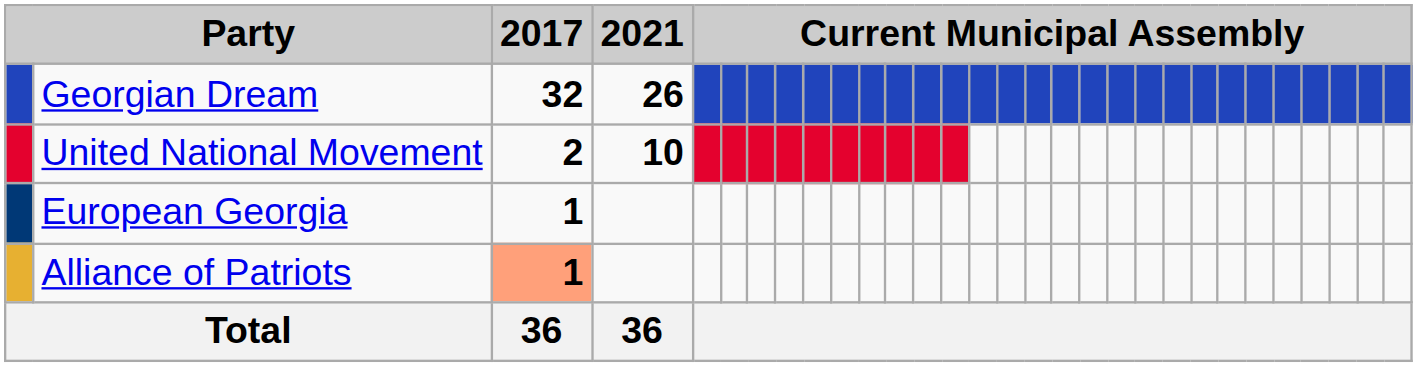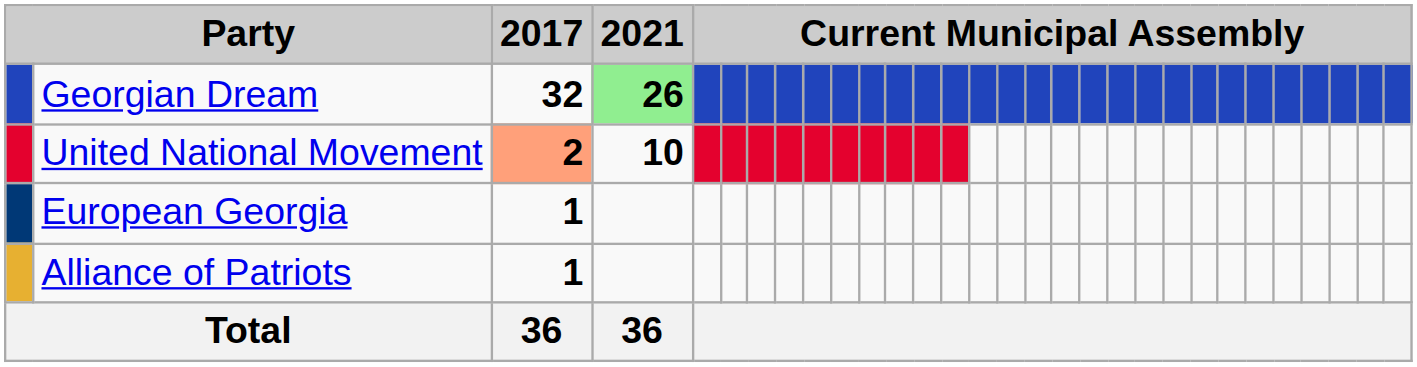 <table class="wikitable">
 <tr>
 <th style="background:#ccc" colspan="2">Party</th>
 <th style="background:#ccc">2017</th>
 <th style="background:#ccc">2021</th>
 <th style="background:#ccc" colspan="45">Current Municipal Assembly</th>
 </tr>
 <tr>
 <td style="background-color: #2044bc"> </td>
 <td><a href='#'>Georgian Dream</a></td>
 <td style="text-align: right"><strong>32</strong></td>
-<td style="text-align: right"><strong>26</strong></td>
+<td style="background: lightgreen; text-align: right"><strong>26</strong></td>
 <td style="background-color: #2044bc"> </td>
 <td style="background-color: #2044bc"> </td>
 <td style="background-color: #2044bc"> </td>
 <td style="background-color: #2044bc"> </td>
 <td style="background-color: #2044bc"> </td>
 <td style="background-color: #2044bc"> </td>
 <td style="background-color: #2044bc"> </td>
 <td style="background-color: #2044bc"> </td>
 <td style="background-color: #2044bc"> </td>
 <td style="background-color: #2044bc"> </td>
 <td style="background-color: #2044bc"> </td>
 <td style="background-color: #2044bc"> </td>
 <td style="background-color: #2044bc"> </td>
 <td style="background-color: #2044bc"> </td>
 <td style="background-color: #2044bc"> </td>
 <td style="background-color: #2044bc"> </td>
 <td style="background-color: #2044bc"> </td>
 <td style="background-color: #2044bc"> </td>
 <td style="background-color: #2044bc"> </td>
 <td style="background-color: #2044bc"> </td>
 <td style="background-color: #2044bc"> </td>
 <td style="background-color: #2044bc"> </td>
 <td style="background-color: #2044bc"> </td>
 <td style="background-color: #2044bc"> </td>
 <td style="background-color: #2044bc"> </td>
 <td style="background-color: #2044bc"> </td>
 </tr>
 <tr>
 <td style="background-color: #e4012e"> </td>
 <td><a href='#'>United National Movement</a></td>
-<td style="text-align: right"><strong>2</strong></td>
+<td style="background: lightsalmon; text-align: right"><strong>2</strong></td>
 <td style="text-align: right"><strong>10</strong></td>
 <td style="background-color: #e4012e"></td>
 <td style="background-color: #e4012e"> </td>
 <td style="background-color: #e4012e"> </td>
 <td style="background-color: #e4012e"> </td>
 <td style="background-color: #e4012e"> </td>
 <td style="background-color: #e4012e"> </td>
 <td style="background-color: #e4012e"> </td>
 <td style="background-color: #e4012e"> </td>
 <td style="background-color: #e4012e"> </td>
 <td style="background-color: #e4012e"> </td>
 <td></td>
 <td></td>
 <td></td>
 <td></td>
 <td></td>
 <td></td>
 <td></td>
 <td></td>
 <td></td>
 <td></td>
 <td></td>
 <td></td>
 <td></td>
 <td></td>
 <td></td>
 <td></td>
 </tr>
 <tr>
 <td style="background-color: #003876"> </td>
 <td><a href='#'>European Georgia</a></td>
 <td style="text-align: right"><strong>1</strong></td>
 <td></td>
 <td></td>
 <td></td>
 <td></td>
 <td></td>
 <td></td>
 <td></td>
 <td></td>
 <td></td>
 <td></td>
 <td></td>
 <td></td>
 <td></td>
 <td></td>
 <td></td>
 <td></td>
 <td></td>
 <td></td>
 <td></td>
 <td></td>
 <td></td>
 <td></td>
 <td></td>
 <td></td>
 <td></td>
 <td></td>
 <td></td>
 </tr>
 <tr>
 <td style="background-color: #e7b031"> </td>
 <td><a href='#'>Alliance of Patriots</a></td>
-<td style="background: lightsalmon; text-align: right"><strong>1</strong></td>
+<td style="text-align: right"><strong>1</strong></td>
 <td></td>
 <td></td>
 <td></td>
 <td></td>
 <td></td>
 <td></td>
 <td></td>
 <td></td>
 <td></td>
 <td></td>
 <td></td>
 <td></td>
 <td></td>
 <td></td>
 <td></td>
 <td></td>
 <td></td>
 <td></td>
 <td></td>
 <td></td>
 <td></td>
 <td></td>
 <td></td>
 <td></td>
 <td></td>
 <td></td>
 <td></td>
 </tr>
 <tr>
 <th colspan=2>Total</th>
 <th align=right>36</th>
 <th align=right>36</th>
 <th colspan=45> </th>
 </tr>
 </table>
